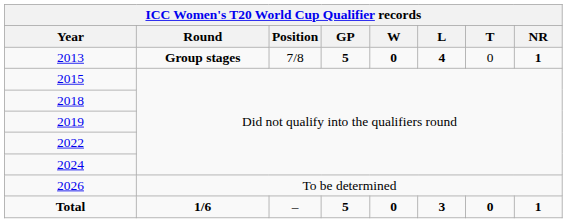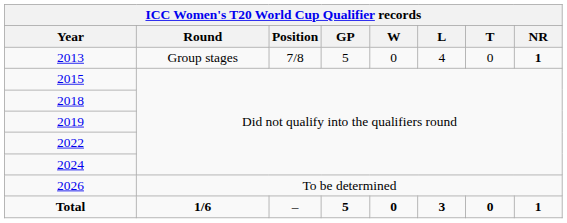 <table class="wikitable" style="text-align: center; width=900px;">
 <tr>
 <th colspan=9><a href='#'>ICC Women's T20 World Cup Qualifier</a> records</th>
 </tr>
 <tr>
 <th width=150>Year</th>
 <th width=150>Round</th>
 <th width=50>Position</th>
 <th width=50>GP</th>
 <th width=50>W</th>
 <th width=50>L</th>
 <th width=50>T</th>
 <th width=50>NR</th>
 </tr>
 <tr>
 <td> <a href='#'>2013</a></td>
-<td><strong>Group stages</strong></td>
+<td>Group stages</td>
 <td>7/8</td>
-<td><strong>5</strong></td>
-<td><strong>0</strong></td>
-<td><strong>4</strong></td>
+<td>5</td>
+<td>0</td>
+<td>4</td>
 <td>0</td>
 <td><strong>1</strong></td>
 </tr>
 <tr>
 <td> <a href='#'>2015</a></td>
 <td rowspan=5 colspan=8>Did not qualify into the qualifiers round</td>
 </tr>
 <tr>
 <td> <a href='#'>2018</a></td>
 </tr>
 <tr>
 <td> <a href='#'>2019</a></td>
 </tr>
 <tr>
 <td> <a href='#'>2022</a></td>
 </tr>
 <tr>
 <td> <a href='#'>2024</a></td>
 </tr>
 <tr>
 <td> <a href='#'>2026</a></td>
 <td colspan=8>To be determined</td>
 </tr>
 <tr>
 <td><strong>Total</strong></td>
 <td><strong>1/6</strong></td>
 <td>–</td>
 <td><strong>5</strong></td>
 <td><strong>0</strong></td>
 <td><strong>3</strong></td>
 <td><strong>0</strong></td>
 <td><strong>1</strong></td>
 </tr>
 </table>
